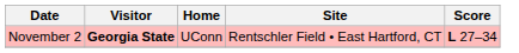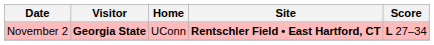 <table class="wikitable">
 <tr>
 <th>Date</th>
 <th>Visitor</th>
 <th>Home</th>
 <th>Site</th>
 <th>Score</th>
 </tr>
 <tr style="background:#fbb;">
 <td>November 2</td>
 <td><strong>Georgia State</strong></td>
 <td>UConn</td>
-<td>Rentschler Field • East Hartford, CT</td>
+<td><strong>Rentschler Field • East Hartford, CT</strong></td>
 <td><strong>L</strong> 27–34</td>
 </tr>
 <tr>
 </tr>
 </table>
